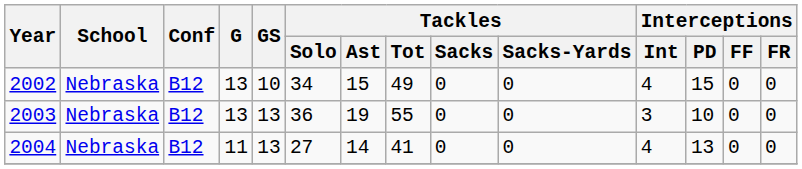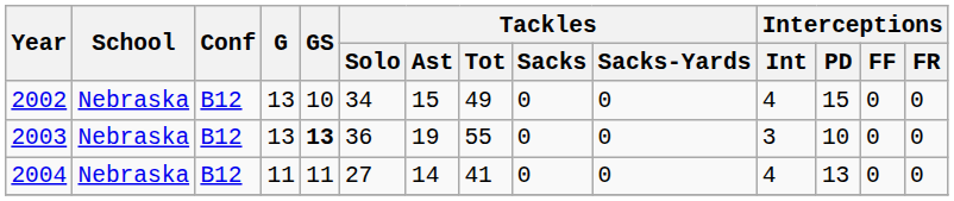 <table class="wikitable">
 <tr>
 <th rowspan="2" style="text-align: center; font-weight:bold;">Year</th>
 <th rowspan="2" style="text-align: center; font-weight:bold;">School</th>
 <th rowspan="2" style="text-align: center; font-weight:bold;">Conf</th>
 <th rowspan="2" style="text-align: center; font-weight:bold;">G</th>
 <th rowspan="2" style="text-align: center; font-weight:bold;">GS</th>
 <th colspan="5" style="text-align: center; font-weight:bold;" style="text-align: center; font-weight:bold;">Tackles</th>
 <th colspan="4" style="text-align: center; font-weight:bold;">Interceptions</th>
 </tr>
 <tr>
 <th style="font-weight:bold;" style=>Solo</th>
 <th style="font-weight:bold;" style=>Ast</th>
 <th style="font-weight:bold;" style=>Tot</th>
 <th style="font-weight:bold;" style=>Sacks</th>
 <th style="font-weight:bold;" style=>Sacks-Yards</th>
 <th style="font-weight:bold;" style=>Int</th>
 <th style="font-weight:bold;" style=>PD</th>
 <th style="font-weight:bold;" style=>FF</th>
 <th style="font-weight:bold;" style=>FR</th>
 </tr>
 <tr>
 <td><a href='#'>2002</a></td>
 <td><a href='#'>Nebraska</a></td>
 <td><a href='#'>B12</a></td>
 <td>13</td>
 <td>10</td>
 <td>34</td>
 <td>15</td>
 <td>49</td>
 <td>0</td>
 <td>0</td>
 <td>4</td>
 <td>15</td>
 <td>0</td>
 <td>0</td>
 </tr>
 <tr>
 <td><a href='#'>2003</a></td>
 <td><a href='#'>Nebraska</a></td>
 <td><a href='#'>B12</a></td>
 <td>13</td>
-<td>13</td>
+<td><strong>13</strong></td>
 <td>36</td>
 <td>19</td>
 <td>55</td>
 <td>0</td>
 <td>0</td>
 <td>3</td>
 <td>10</td>
 <td>0</td>
 <td>0</td>
 </tr>
 <tr>
 <td><a href='#'>2004</a></td>
 <td><a href='#'>Nebraska</a></td>
 <td><a href='#'>B12</a></td>
 <td>11</td>
-<td>13</td>
+<td>11</td>
 <td>27</td>
 <td>14</td>
 <td>41</td>
 <td>0</td>
 <td>0</td>
 <td>4</td>
 <td>13</td>
 <td>0</td>
 <td>0</td>
 </tr>
 <tr>
 </tr>
 </table>
